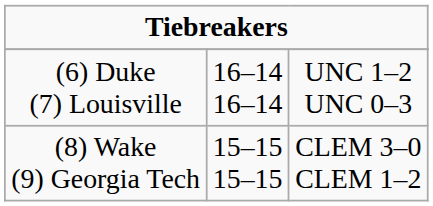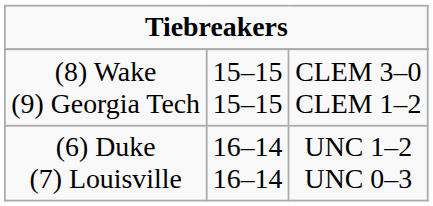 <table class="wikitable" style="display: inline-table;">
 <tr>
 <td align="center" Colspan="3"><strong>Tiebreakers</strong></td>
 </tr>
 <tr align="center">
 </tr>
 <tr align="center">
+<td>(8) Wake<br>(9) Georgia Tech</td>
+<td>15–15<br>15–15</td>
+<td>CLEM 3–0<br>CLEM 1–2</td>
+</tr>
+<tr align="center">
 <td>(6) Duke<br>(7) Louisville</td>
 <td>16–14<br>16–14</td>
 <td>UNC 1–2<br>UNC 0–3</td>
 </tr>
-<tr align="center">
-<td>(8) Wake<br>(9) Georgia Tech</td>
-<td>15–15<br>15–15</td>
-<td>CLEM 3–0<br>CLEM 1–2</td>
-</tr>
 </table>
